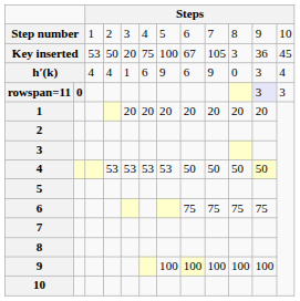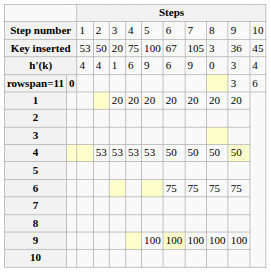 <table class="wikitable">
 <tr>
 <td colspan=2></td>
 <th colspan=10>Steps</th>
 </tr>
 <tr>
 <th colspan=2>Step number</th>
 <td>1</td>
 <td>2</td>
 <td>3</td>
 <td>4</td>
 <td>5</td>
 <td>6</td>
 <td>7</td>
 <td>8</td>
 <td>9</td>
 <td>10</td>
 </tr>
 <tr>
 <th colspan=2>Key inserted</th>
 <td>53</td>
 <td>50</td>
 <td>20</td>
 <td>75</td>
 <td>100</td>
 <td>67</td>
 <td>105</td>
 <td>3</td>
 <td>36</td>
 <td>45</td>
 </tr>
 <tr>
 <th colspan=2>h′(k)</th>
 <td>4</td>
 <td>4</td>
 <td>1</td>
 <td>6</td>
 <td>9</td>
 <td>6</td>
 <td>9</td>
 <td>0</td>
 <td>3</td>
 <td>4</td>
 </tr>
 <tr>
 <th>rowspan=11 </th>
 <th>0</th>
 <td></td>
 <td></td>
 <td></td>
 <td></td>
 <td></td>
 <td></td>
 <td></td>
 <td bgcolor=#ffffcc></td>
-<td style="background: lavender;">3</td>
 <td>3</td>
+<td>6</td>
 </tr>
 <tr>
 <th>1</th>
 <td></td>
 <td></td>
 <td bgcolor=#ffffcc></td>
 <td>20</td>
 <td>20</td>
 <td>20</td>
 <td>20</td>
 <td>20</td>
 <td>20</td>
 <td>20</td>
 </tr>
 <tr>
 <th>2</th>
 <td></td>
 <td></td>
 <td></td>
 <td></td>
 <td></td>
 <td></td>
 <td></td>
 <td></td>
 <td></td>
 <td></td>
 </tr>
 <tr>
 <th>3</th>
 <td></td>
 <td></td>
 <td></td>
 <td></td>
 <td></td>
 <td></td>
 <td></td>
 <td></td>
 <td bgcolor=#ffffcc></td>
 <td></td>
 </tr>
 <tr>
 <th>4</th>
 <td bgcolor=#ffffcc></td>
 <td bgcolor=#ffffcc></td>
 <td>53</td>
 <td>53</td>
 <td>53</td>
 <td>53</td>
 <td>50</td>
 <td>50</td>
 <td>50</td>
 <td bgcolor=#ffffcc>50</td>
 </tr>
 <tr>
 <th>5</th>
 <td></td>
 <td></td>
 <td></td>
 <td></td>
 <td></td>
 <td></td>
 <td></td>
 <td></td>
 <td></td>
 <td></td>
 </tr>
 <tr>
 <th>6</th>
 <td></td>
 <td></td>
 <td></td>
 <td bgcolor=#ffffcc></td>
 <td></td>
 <td bgcolor=#ffffcc></td>
 <td>75</td>
 <td>75</td>
 <td>75</td>
 <td>75</td>
 </tr>
 <tr>
 <th>7</th>
 <td></td>
 <td></td>
 <td></td>
 <td></td>
 <td></td>
 <td></td>
 <td></td>
 <td></td>
 <td></td>
 <td></td>
 </tr>
 <tr>
 <th>8</th>
 <td></td>
 <td></td>
 <td></td>
 <td></td>
 <td></td>
 <td></td>
 <td></td>
 <td></td>
 <td></td>
 <td></td>
 </tr>
 <tr>
 <th>9</th>
 <td></td>
 <td></td>
 <td></td>
 <td></td>
 <td bgcolor=#ffffcc></td>
 <td>100</td>
 <td bgcolor=#ffffcc>100</td>
 <td>100</td>
 <td>100</td>
 <td>100</td>
 </tr>
 <tr>
 <th>10</th>
 <td></td>
 <td></td>
 <td></td>
 <td></td>
 <td></td>
 <td></td>
 <td></td>
 <td></td>
 <td></td>
 <td></td>
 </tr>
 </table>
